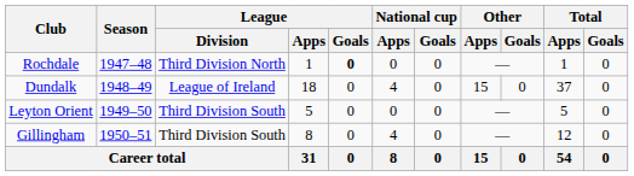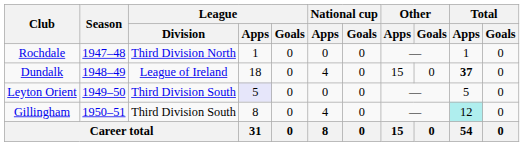 <table class="wikitable" style="text-align: center;">
 <tr>
 <th rowspan="2">Club</th>
 <th rowspan="2">Season</th>
 <th colspan="3">League</th>
 <th colspan="2">National cup</th>
 <th colspan="2">Other</th>
 <th colspan="2">Total</th>
 </tr>
 <tr>
 <th>Division</th>
 <th>Apps</th>
 <th>Goals</th>
 <th>Apps</th>
 <th>Goals</th>
 <th>Apps</th>
 <th>Goals</th>
 <th>Apps</th>
 <th>Goals</th>
 </tr>
 <tr>
 <td><a href='#'>Rochdale</a></td>
 <td><a href='#'>1947–48</a></td>
 <td><a href='#'>Third Division North</a></td>
 <td>1</td>
-<td><strong>0</strong></td>
+<td>0</td>
 <td>0</td>
 <td>0</td>
 <td colspan="2">―</td>
 <td>1</td>
 <td>0</td>
 </tr>
 <tr>
 <td><a href='#'>Dundalk</a></td>
 <td><a href='#'>1948–49</a></td>
 <td><a href='#'>League of Ireland</a></td>
 <td>18</td>
 <td>0</td>
 <td>4</td>
 <td>0</td>
 <td>15</td>
 <td>0</td>
-<td>37</td>
+<td><strong>37</strong></td>
 <td>0</td>
 </tr>
 <tr>
 <td><a href='#'>Leyton Orient</a></td>
 <td><a href='#'>1949–50</a></td>
 <td><a href='#'>Third Division South</a></td>
-<td>5</td>
+<td style="background: lavender;">5</td>
 <td>0</td>
 <td>0</td>
 <td>0</td>
 <td colspan="2">―</td>
 <td>5</td>
 <td>0</td>
 </tr>
 <tr>
 <td><a href='#'>Gillingham</a></td>
 <td><a href='#'>1950–51</a></td>
 <td>Third Division South</td>
 <td>8</td>
 <td>0</td>
 <td>4</td>
 <td>0</td>
 <td colspan="2">―</td>
-<td>12</td>
+<td style="background: paleturquoise;">12</td>
 <td>0</td>
 </tr>
 <tr>
 <th colspan="3">Career total</th>
 <th>31</th>
 <th>0</th>
 <th>8</th>
 <th>0</th>
 <th>15</th>
 <th>0</th>
 <th>54</th>
 <th>0</th>
 </tr>
 </table>
